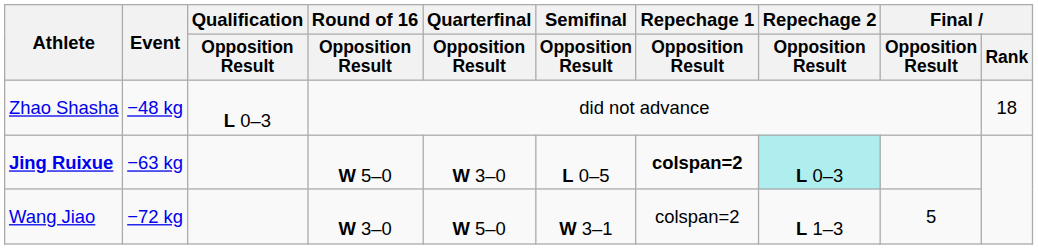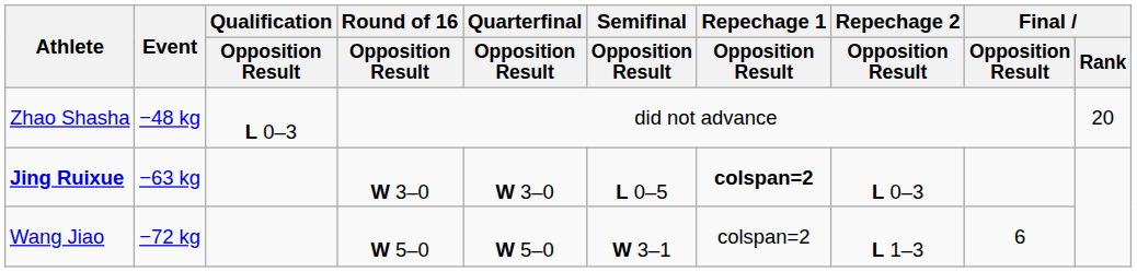 <table class="wikitable" style="font-size:90%">
 <tr>
 <th rowspan=2>Athlete</th>
 <th rowspan=2>Event</th>
 <th>Qualification</th>
 <th>Round of 16</th>
 <th>Quarterfinal</th>
 <th>Semifinal</th>
 <th>Repechage 1</th>
 <th>Repechage 2</th>
 <th colspan=2>Final / </th>
 </tr>
 <tr style="font-size: 95%">
 <th>Opposition<br>Result</th>
 <th>Opposition<br>Result</th>
 <th>Opposition<br>Result</th>
 <th>Opposition<br>Result</th>
 <th>Opposition<br>Result</th>
 <th>Opposition<br>Result</th>
 <th>Opposition<br>Result</th>
 <th>Rank</th>
 </tr>
 <tr align=center>
 <td align=left><a href='#'>Zhao Shasha</a></td>
 <td align=left><a href='#'>−48 kg</a></td>
 <td><br><strong>L</strong> 0–3 <sup></sup></td>
 <td colspan=6>did not advance</td>
-<td>18</td>
+<td>20</td>
 </tr>
 <tr align=center>
 <td align=left><strong><a href='#'>Jing Ruixue</a></strong></td>
 <td align=left><a href='#'>−63 kg</a></td>
 <td></td>
-<td><br><strong>W</strong> 5–0 <sup></sup></td>
+<td><br><strong>W</strong> 3–0 <sup></sup></td>
 <td><br><strong>W</strong> 3–0 <sup></sup></td>
 <td><br><strong>L</strong> 0–5 <sup></sup></td>
 <td><strong>colspan=2 </strong></td>
-<td style="background: paleturquoise;"><br><strong>L</strong> 0–3 <sup></sup></td>
+<td><br><strong>L</strong> 0–3 <sup></sup></td>
 <td></td>
 </tr>
 <tr align=center>
 <td align=left><a href='#'>Wang Jiao</a></td>
 <td align=left><a href='#'>−72 kg</a></td>
 <td></td>
-<td><br><strong>W</strong> 3–0 <sup></sup></td>
+<td><br><strong>W</strong> 5–0 <sup></sup></td>
 <td><br><strong>W</strong> 5–0 <sup></sup></td>
 <td><br><strong>W</strong> 3–1 <sup></sup></td>
 <td>colspan=2 </td>
 <td><br><strong>L</strong> 1–3 <sup></sup></td>
-<td>5</td>
+<td>6</td>
 </tr>
 </table>
